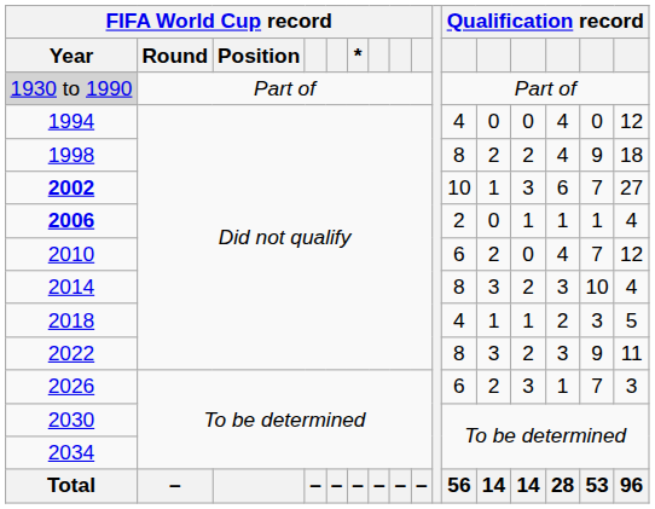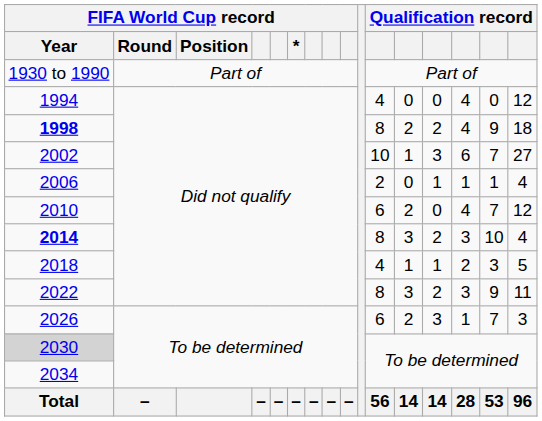 <table class="wikitable" style="text-align: center;">
 <tr>
 <th colspan=9><a href='#'>FIFA World Cup</a> record</th>
 <th rowspan=41></th>
 <th colspan=6><a href='#'>Qualification</a> record</th>
 </tr>
 <tr>
 <th>Year</th>
 <th>Round</th>
 <th>Position</th>
 <th></th>
 <th></th>
 <th>*</th>
 <th></th>
 <th></th>
 <th></th>
 <th></th>
 <th></th>
 <th></th>
 <th></th>
 <th></th>
 <th></th>
 </tr>
 <tr>
-<td style="background: lightgrey;"><a href='#'>1930</a> to <a href='#'>1990</a></td>
+<td><a href='#'>1930</a> to <a href='#'>1990</a></td>
 <td colspan=8><em>Part of </em></td>
 <td colspan=7><em>Part of </em></td>
 </tr>
 <tr>
 <td> <a href='#'>1994</a></td>
 <td colspan=8 rowspan=8><em>Did not qualify</em></td>
 <td>4</td>
 <td>0</td>
 <td>0</td>
 <td>4</td>
 <td>0</td>
 <td>12</td>
 </tr>
 <tr>
-<td> <a href='#'>1998</a></td>
+<td><strong> <a href='#'>1998</a></strong></td>
 <td>8</td>
 <td>2</td>
 <td>2</td>
 <td>4</td>
 <td>9</td>
 <td>18</td>
 </tr>
 <tr>
-<td><strong>  <a href='#'>2002</a></strong></td>
+<td>  <a href='#'>2002</a></td>
 <td>10</td>
 <td>1</td>
 <td>3</td>
 <td>6</td>
 <td>7</td>
 <td>27</td>
 </tr>
 <tr>
-<td><strong> <a href='#'>2006</a></strong></td>
+<td> <a href='#'>2006</a></td>
 <td>2</td>
 <td>0</td>
 <td>1</td>
 <td>1</td>
 <td>1</td>
 <td>4</td>
 </tr>
 <tr>
 <td> <a href='#'>2010</a></td>
 <td>6</td>
 <td>2</td>
 <td>0</td>
 <td>4</td>
 <td>7</td>
 <td>12</td>
 </tr>
 <tr>
-<td> <a href='#'>2014</a></td>
+<td><strong> <a href='#'>2014</a></strong></td>
 <td>8</td>
 <td>3</td>
 <td>2</td>
 <td>3</td>
 <td>10</td>
 <td>4</td>
 </tr>
 <tr>
 <td> <a href='#'>2018</a></td>
 <td>4</td>
 <td>1</td>
 <td>1</td>
 <td>2</td>
 <td>3</td>
 <td>5</td>
 </tr>
 <tr>
 <td> <a href='#'>2022</a></td>
 <td>8</td>
 <td>3</td>
 <td>2</td>
 <td>3</td>
 <td>9</td>
 <td>11</td>
 </tr>
 <tr>
 <td>   <a href='#'>2026</a></td>
 <td colspan=8 rowspan=3><em>To be determined</em></td>
 <td>6</td>
 <td>2</td>
 <td>3</td>
 <td>1</td>
 <td>7</td>
 <td>3</td>
 </tr>
 <tr>
-<td>   <a href='#'>2030</a></td>
+<td style="background: lightgrey;">   <a href='#'>2030</a></td>
 <td colspan=6 rowspan=2><em>To be determined</em></td>
 </tr>
 <tr>
 <td> <a href='#'>2034</a></td>
 </tr>
 <tr>
 <th>Total</th>
 <th>–</th>
 <th></th>
 <th>–</th>
 <th>–</th>
 <th>–</th>
 <th>–</th>
 <th>–</th>
 <th>–</th>
 <th>56</th>
 <th>14</th>
 <th>14</th>
 <th>28</th>
 <th>53</th>
 <th>96</th>
 </tr>
 </table>
